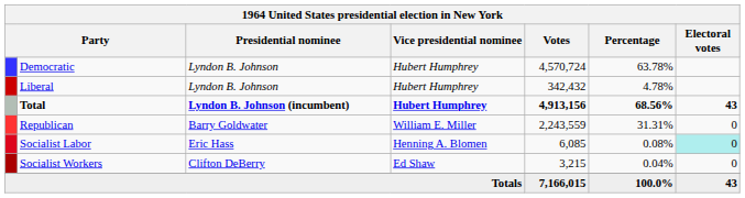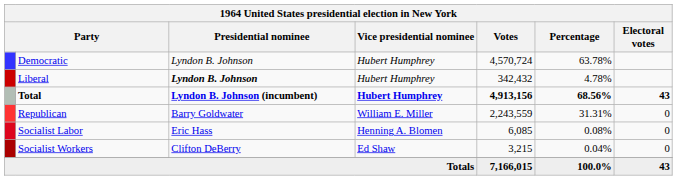 <table class="wikitable" style="font-size: 95%;">
 <tr>
 <th colspan="7">1964 United States presidential election in New York</th>
 </tr>
 <tr>
 <th colspan="2" style="width: 15em">Party</th>
 <th style="width: 17em">Presidential nominee</th>
 <th>Vice presidential nominee</th>
 <th style="width: 5em">Votes</th>
 <th style="width: 7em">Percentage</th>
 <th style="width: 5em">Electoral votes</th>
 </tr>
 <tr>
 <th style="background-color:#3333FF; width: 3px"></th>
 <td style="width: 130px"><a href='#'>Democratic</a></td>
 <td><em>Lyndon B. Johnson</em></td>
 <td><em>Hubert Humphrey</em></td>
 <td align="right">4,570,724</td>
 <td align="right">63.78%</td>
 <td align="right"></td>
 </tr>
 <tr>
 <th style="background-color:#CC0000; width: 3px"></th>
 <td style="width: 130px"><a href='#'>Liberal</a></td>
-<td><em>Lyndon B. Johnson</em></td>
+<td><strong><em>Lyndon B. Johnson</em></strong></td>
 <td><em>Hubert Humphrey</em></td>
 <td align="right">342,432</td>
 <td align="right">4.78%</td>
 <td align="right"></td>
 </tr>
 <tr>
 <th style="background-color:#B2BEB5; width: 3px"></th>
 <td style="width: 130px"><strong>Total</strong></td>
 <td><strong><a href='#'>Lyndon B. Johnson</a> (incumbent)</strong></td>
 <td><strong><a href='#'>Hubert Humphrey</a></strong></td>
 <td align="right"><strong>4,913,156</strong></td>
 <td align="right"><strong>68.56%</strong></td>
 <td align="right"><strong>43</strong></td>
 </tr>
 <tr>
 <th style="background-color:#FF3333; width: 3px"></th>
 <td style="width: 130px"><a href='#'>Republican</a></td>
 <td><a href='#'>Barry Goldwater</a></td>
 <td><a href='#'>William E. Miller</a></td>
 <td align="right">2,243,559</td>
 <td align="right">31.31%</td>
 <td align="right">0</td>
 </tr>
 <tr>
 <th style="background-color:#DD051D; width: 3px"></th>
 <td style="width: 130px"><a href='#'>Socialist Labor</a></td>
 <td><a href='#'>Eric Hass</a></td>
 <td><a href='#'>Henning A. Blomen</a></td>
 <td align="right">6,085</td>
 <td align="right">0.08%</td>
-<td align="right" style="background: paleturquoise;">0</td>
+<td align="right">0</td>
 </tr>
 <tr>
 <th style="background-color:#AA0000; width: 3px"></th>
 <td style="width: 130px"><a href='#'>Socialist Workers</a></td>
 <td><a href='#'>Clifton DeBerry</a></td>
 <td><a href='#'>Ed Shaw</a></td>
 <td align="right">3,215</td>
 <td align="right">0.04%</td>
 <td align="right">0</td>
 </tr>
 <tr>
 </tr>
 <tr bgcolor="#EEEEEE">
 <td colspan="4" align="right"><strong>Totals</strong></td>
 <td align="right"><strong>7,166,015</strong></td>
 <td align="right"><strong>100.0%</strong></td>
 <td align="right"><strong>43</strong></td>
 </tr>
 </table>
